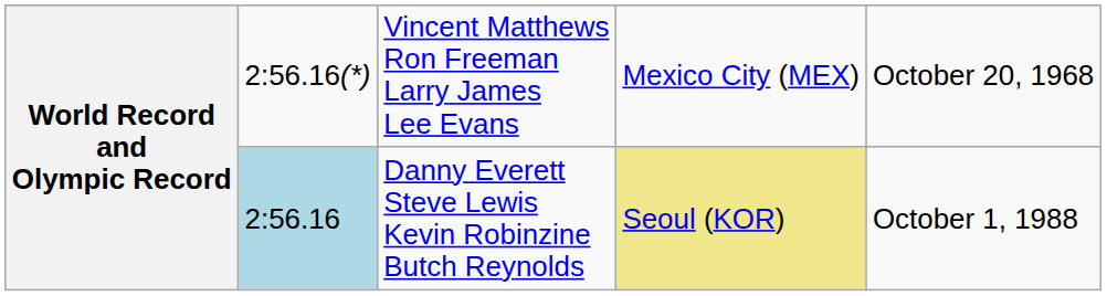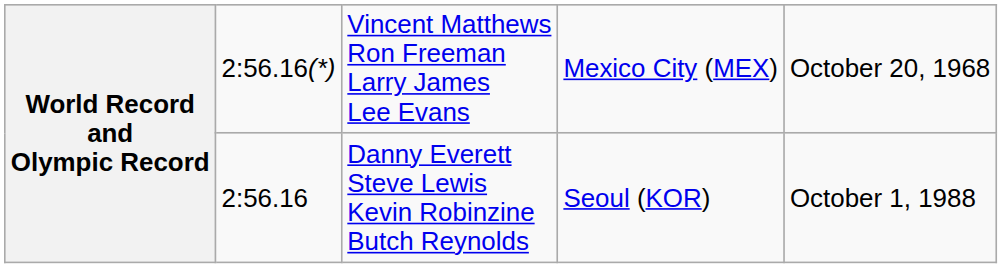 <table class="wikitable" style="text-align:left">
 <tr>
 <th rowspan=2>World Record<br>and<br>Olympic Record</th>
 <td>2:56.16<em>(*)</em></td>
 <td> <a href='#'>Vincent Matthews</a><br> <a href='#'>Ron Freeman</a><br> <a href='#'>Larry James</a><br> <a href='#'>Lee Evans</a></td>
 <td><a href='#'>Mexico City</a> (<a href='#'>MEX</a>)</td>
 <td>October 20, 1968</td>
 </tr>
 <tr>
-<td style="background: lightblue;">2:56.16</td>
+<td>2:56.16</td>
 <td> <a href='#'>Danny Everett</a><br> <a href='#'>Steve Lewis</a><br> <a href='#'>Kevin Robinzine</a><br> <a href='#'>Butch Reynolds</a></td>
-<td style="background: khaki;"><a href='#'>Seoul</a> (<a href='#'>KOR</a>)</td>
+<td><a href='#'>Seoul</a> (<a href='#'>KOR</a>)</td>
 <td>October 1, 1988</td>
 </tr>
 </table>
